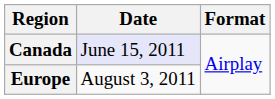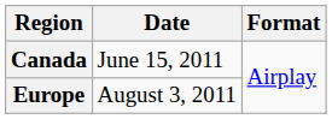 <table class="wikitable plainrowheaders">
 <tr>
 <th scope="col">Region</th>
 <th scope="col">Date</th>
 <th scope="col">Format</th>
 </tr>
 <tr>
 <th scope="row">Canada</th>
-<td style="background: lavender;">June 15, 2011</td>
+<td>June 15, 2011</td>
 <td rowspan="2"><a href='#'>Airplay</a></td>
 </tr>
 <tr>
 <th scope="row">Europe</th>
 <td>August 3, 2011</td>
 </tr>
 </table>
